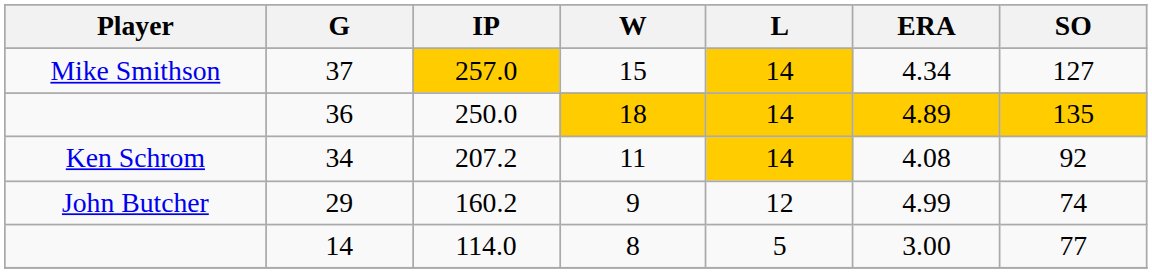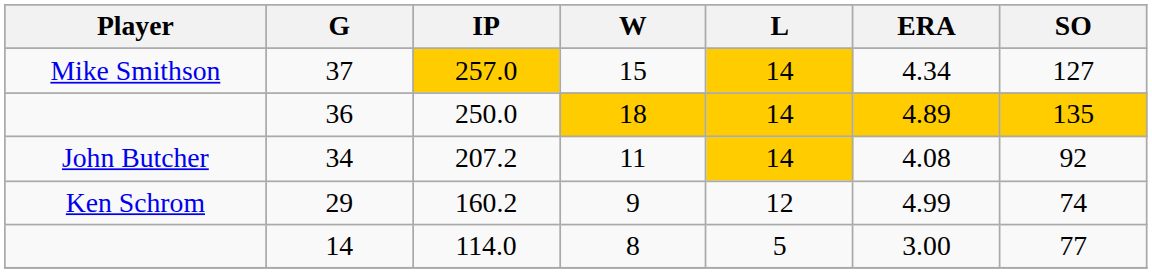 <table class="wikitable sortable">
 <tr>
 <th bgcolor="#DDDDFF" width="16%">Player</th>
 <th bgcolor="#DDDDFF" width="9%">G</th>
 <th bgcolor="#DDDDFF" width="9%">IP</th>
 <th bgcolor="#DDDDFF" width="9%">W</th>
 <th bgcolor="#DDDDFF" width="9%">L</th>
 <th bgcolor="#DDDDFF" width="9%">ERA</th>
 <th bgcolor="#DDDDFF" width="9%">SO</th>
 </tr>
 <tr align="center">
 <td><a href='#'>Mike Smithson</a></td>
 <td>37</td>
 <td style="background:#fc0;">257.0</td>
 <td>15</td>
 <td style="background:#fc0;">14</td>
 <td>4.34</td>
 <td>127</td>
 </tr>
 <tr align=center>
 <td></td>
 <td>36</td>
 <td>250.0</td>
 <td style="background:#fc0;">18</td>
 <td style="background:#fc0;">14</td>
 <td style="background:#fc0;">4.89</td>
 <td style="background:#fc0;">135</td>
 </tr>
 <tr align="center">
-<td><a href='#'>Ken Schrom</a></td>
+<td><a href='#'>John Butcher</a></td>
 <td>34</td>
 <td>207.2</td>
 <td>11</td>
 <td style="background:#fc0;">14</td>
 <td>4.08</td>
 <td>92</td>
 </tr>
 <tr align=center>
-<td><a href='#'>John Butcher</a></td>
+<td><a href='#'>Ken Schrom</a></td>
 <td>29</td>
 <td>160.2</td>
 <td>9</td>
 <td>12</td>
 <td>4.99</td>
 <td>74</td>
 </tr>
 <tr align=center>
 <td></td>
 <td>14</td>
 <td>114.0</td>
 <td>8</td>
 <td>5</td>
 <td>3.00</td>
 <td>77</td>
 </tr>
 <tr align="center">
 </tr>
 </table>
